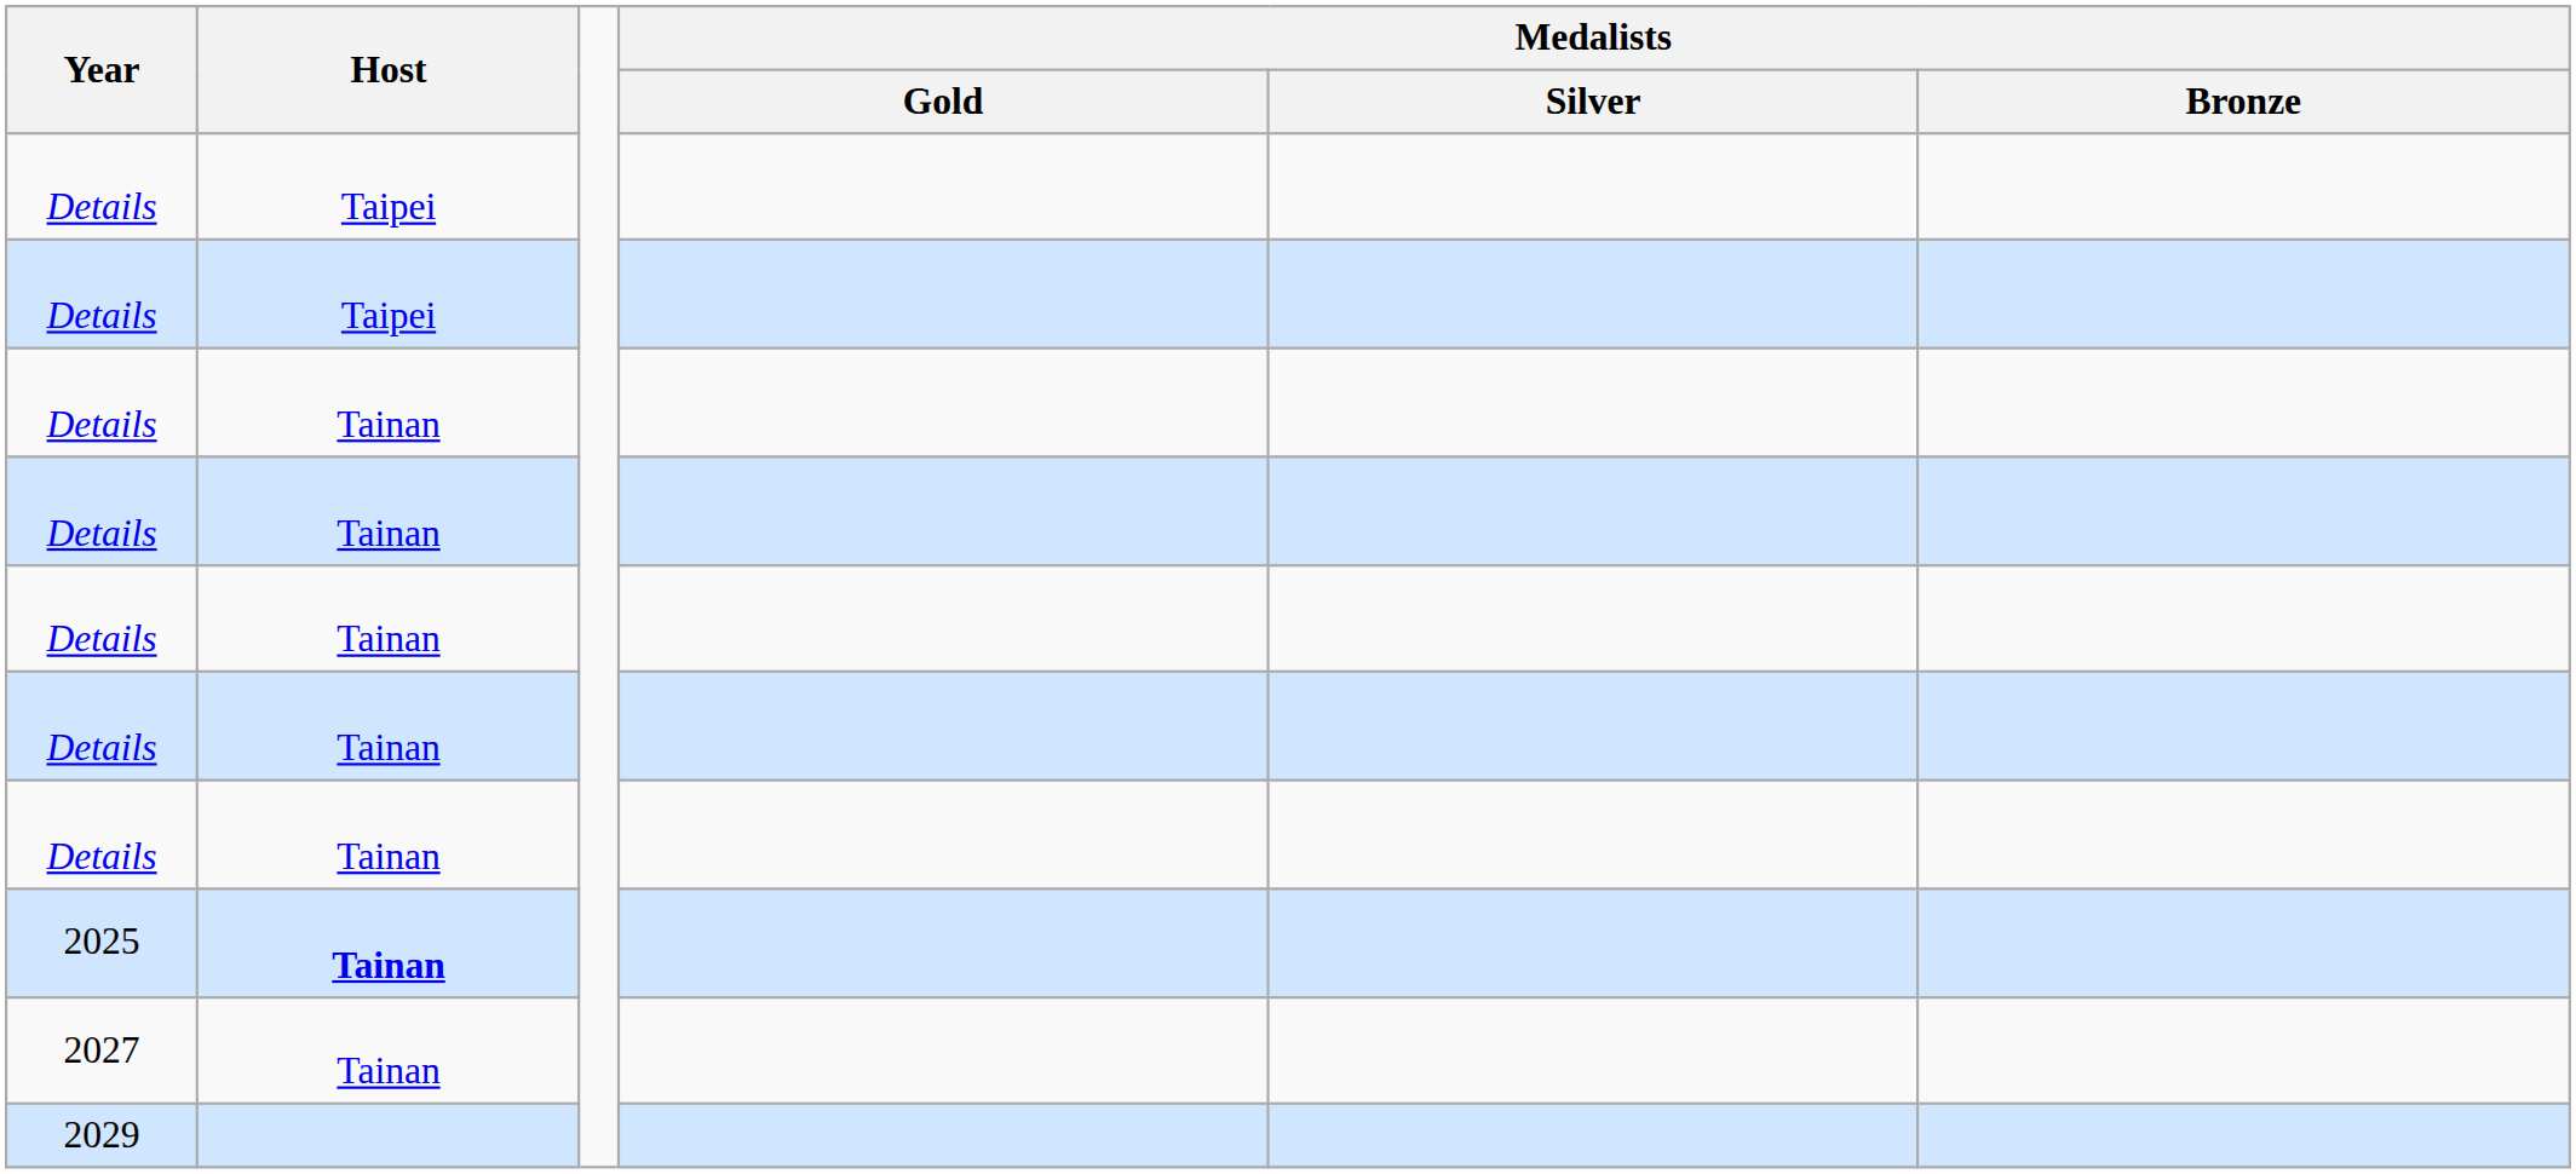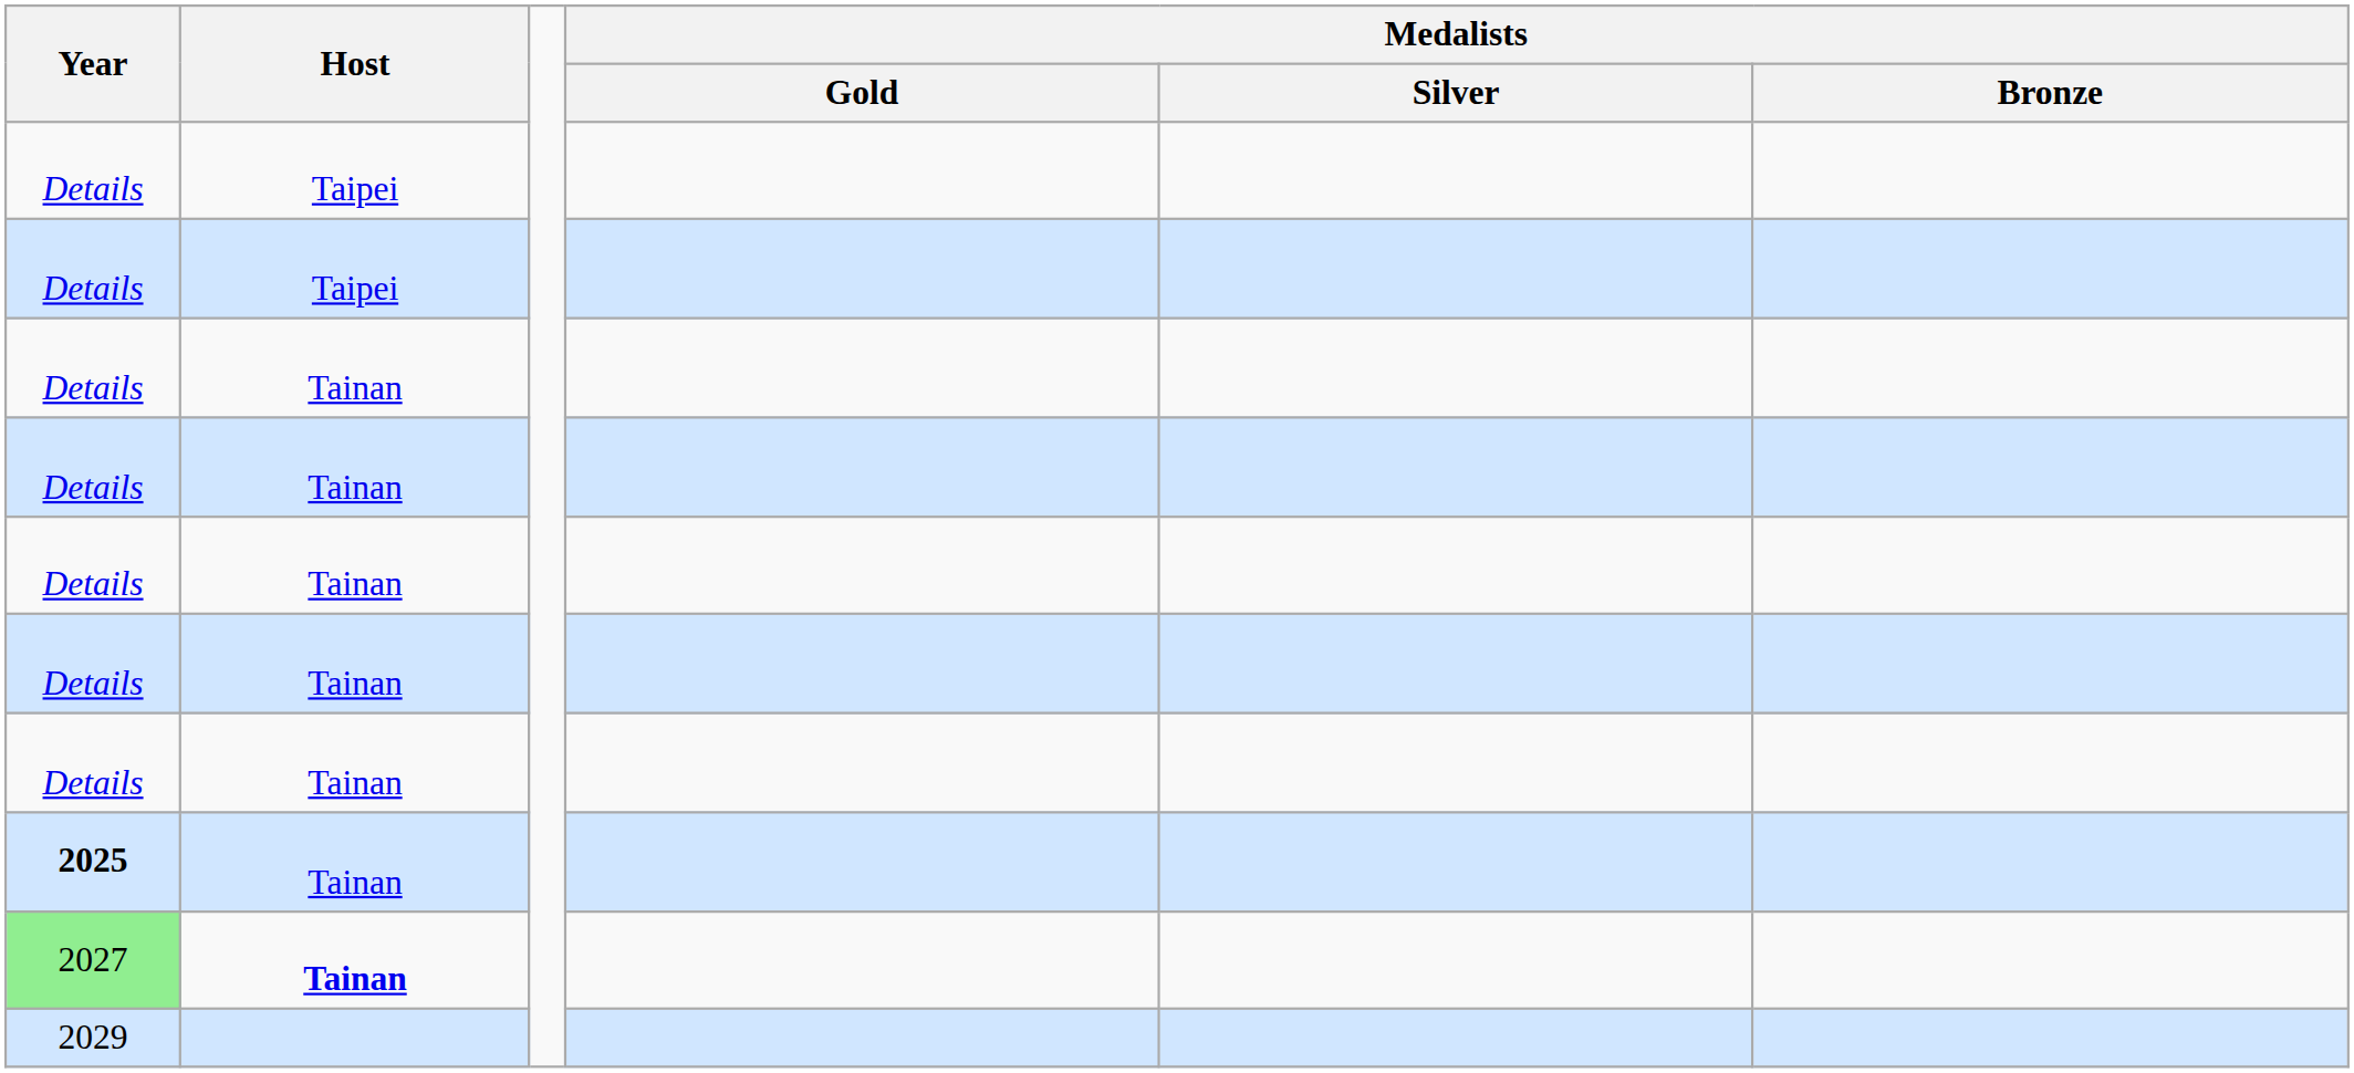 <table class="wikitable" style="font-size:90%; text-align: center;">
 <tr>
 <th rowspan=2 width=5%>Year</th>
 <th rowspan=2 width=10%>Host</th>
 <td rowspan="12" width="1%" style="border-top:none;border-bottom:none;"></td>
 <th colspan=3>Medalists</th>
 </tr>
 <tr>
 <th width=17%>Gold</th>
 <th width=17%>Silver</th>
 <th width=17%>Bronze</th>
 </tr>
 <tr>
 <td><br><em><a href='#'>Details</a></em></td>
 <td><br><a href='#'>Taipei</a></td>
 <td><strong></strong></td>
 <td></td>
 <td></td>
 </tr>
 <tr style="background: #D0E6FF;">
 <td><br><em><a href='#'>Details</a></em></td>
 <td><br><a href='#'>Taipei</a></td>
 <td><strong></strong></td>
 <td></td>
 <td></td>
 </tr>
 <tr>
 <td><br><em><a href='#'>Details</a></em></td>
 <td><br><a href='#'>Tainan</a></td>
 <td><strong></strong></td>
 <td></td>
 <td></td>
 </tr>
 <tr style="background: #D0E6FF;">
 <td><br><em><a href='#'>Details</a></em></td>
 <td><br><a href='#'>Tainan</a></td>
 <td><strong></strong></td>
 <td></td>
 <td></td>
 </tr>
 <tr>
 <td><br><em><a href='#'>Details</a></em></td>
 <td><br><a href='#'>Tainan</a></td>
 <td><strong></strong></td>
 <td></td>
 <td></td>
 </tr>
 <tr style="background: #D0E6FF;">
 <td><br><em><a href='#'>Details</a></em></td>
 <td><br><a href='#'>Tainan</a></td>
 <td><strong></strong></td>
 <td></td>
 <td></td>
 </tr>
 <tr>
 <td><br><em><a href='#'>Details</a></em></td>
 <td><br><a href='#'>Tainan</a></td>
 <td><strong></strong></td>
 <td></td>
 <td></td>
 </tr>
 <tr style="background: #D0E6FF;">
-<td>2025</td>
-<td><strong><br><a href='#'>Tainan</a></strong></td>
+<td><strong>2025</strong></td>
+<td><br><a href='#'>Tainan</a></td>
 <td></td>
 <td></td>
 <td></td>
 </tr>
 <tr>
-<td>2027</td>
-<td><br><a href='#'>Tainan</a></td>
+<td style="background: lightgreen;">2027</td>
+<td><strong><br><a href='#'>Tainan</a></strong></td>
 <td></td>
 <td></td>
 <td></td>
 </tr>
 <tr style="background: #D0E6FF;">
 <td>2029</td>
 <td></td>
 <td></td>
 <td></td>
 <td></td>
 </tr>
 </table>
